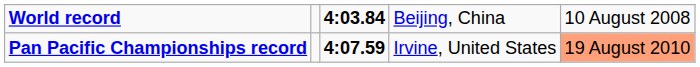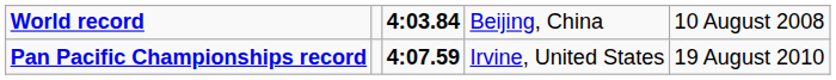 <table class="wikitable">
 <tr>
 <td><strong><a href='#'>World record</a></strong></td>
 <td></td>
 <td><strong>4:03.84</strong></td>
 <td><a href='#'>Beijing</a>, China</td>
 <td>10 August 2008</td>
 </tr>
 <tr>
 <td><strong><a href='#'>Pan Pacific Championships record</a></strong></td>
 <td></td>
 <td><strong>4:07.59</strong></td>
 <td><a href='#'>Irvine</a>, United States</td>
-<td style="background: lightsalmon;">19 August 2010</td>
+<td>19 August 2010</td>
 </tr>
 </table>
